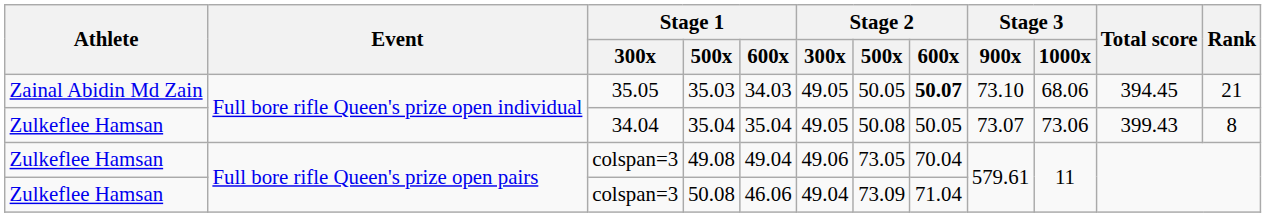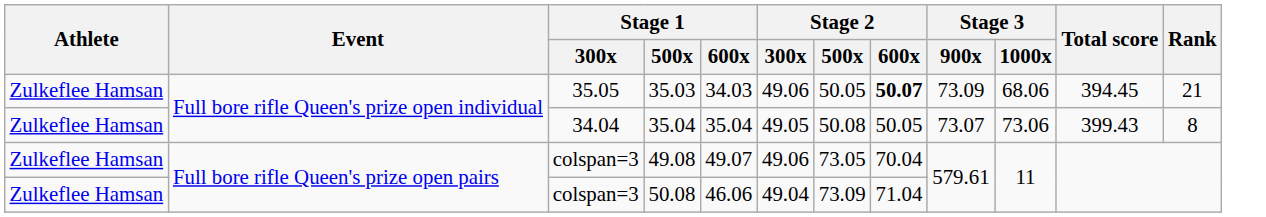 <table class="wikitable" style="font-size:90%;">
 <tr>
 <th rowspan=2>Athlete</th>
 <th rowspan=2>Event</th>
 <th colspan=3>Stage 1</th>
 <th colspan=3>Stage 2</th>
 <th colspan=2>Stage 3</th>
 <th rowspan=2>Total score</th>
 <th rowspan=2>Rank</th>
 </tr>
 <tr>
 <th>300x</th>
 <th>500x</th>
 <th>600x</th>
 <th>300x</th>
 <th>500x</th>
 <th>600x</th>
 <th>900x</th>
 <th>1000x</th>
 </tr>
 <tr align=center>
-<td align=left><a href='#'>Zainal Abidin Md Zain</a></td>
+<td align=left><a href='#'>Zulkeflee Hamsan</a></td>
 <td align=left rowspan=2><a href='#'>Full bore rifle Queen's prize open individual</a></td>
 <td>35.05</td>
 <td>35.03</td>
 <td>34.03</td>
-<td>49.05</td>
+<td>49.06</td>
 <td>50.05</td>
 <td><strong>50.07</strong></td>
-<td>73.10</td>
+<td>73.09</td>
 <td>68.06</td>
 <td>394.45</td>
 <td>21</td>
 </tr>
 <tr align=center>
 <td align=left><a href='#'>Zulkeflee Hamsan</a></td>
 <td>34.04</td>
 <td>35.04</td>
 <td>35.04</td>
 <td>49.05</td>
 <td>50.08</td>
 <td>50.05</td>
 <td>73.07</td>
 <td>73.06</td>
 <td>399.43</td>
 <td>8</td>
 </tr>
 <tr align=center>
 <td align=left><a href='#'>Zulkeflee Hamsan</a></td>
 <td align=left rowspan=2><a href='#'>Full bore rifle Queen's prize open pairs</a></td>
 <td>colspan=3 </td>
 <td>49.08</td>
-<td>49.04</td>
+<td>49.07</td>
 <td>49.06</td>
 <td>73.05</td>
 <td>70.04</td>
 <td rowspan=2>579.61</td>
 <td rowspan=2>11</td>
 </tr>
 <tr align=center>
 <td align=left><a href='#'>Zulkeflee Hamsan</a></td>
 <td>colspan=3 </td>
 <td>50.08</td>
 <td>46.06</td>
 <td>49.04</td>
 <td>73.09</td>
 <td>71.04</td>
 </tr>
 </table>
